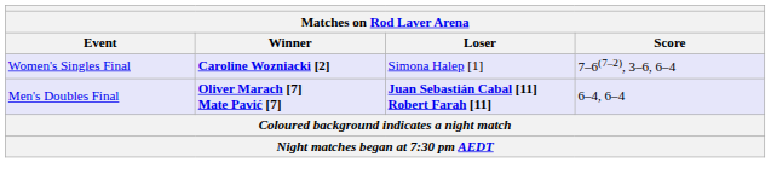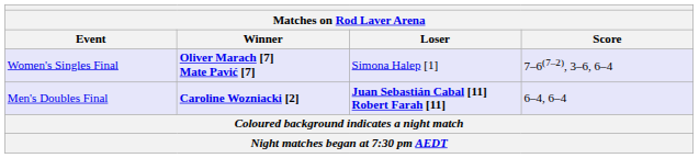 <table class="wikitable collapsible uncollapsed" style="margin:1em auto;">
 <tr>
 <th colspan=4></th>
 </tr>
 <tr>
 <th colspan=4><strong>Matches on <a href='#'>Rod Laver Arena</a></strong></th>
 </tr>
 <tr>
 <th style="width:220px;">Event</th>
 <th style="width:220px;">Winner</th>
 <th style="width:220px;">Loser</th>
 <th style="width:220px;">Score</th>
 </tr>
 <tr bgcolor=lavender>
 <td><a href='#'>Women's Singles Final</a></td>
-<td> <strong><a href='#'>Caroline Wozniacki</a> [2]</strong></td>
+<td> <strong><a href='#'>Oliver Marach</a> [7]</strong><br> <strong><a href='#'>Mate Pavić</a> [7]</strong></td>
 <td> <a href='#'>Simona Halep</a> [1]</td>
 <td>7–6<sup>(7–2)</sup>, 3–6, 6–4</td>
 </tr>
 <tr bgcolor=lavender>
 <td><a href='#'>Men's Doubles Final</a></td>
-<td> <strong><a href='#'>Oliver Marach</a> [7]</strong><br> <strong><a href='#'>Mate Pavić</a> [7]</strong></td>
+<td> <strong><a href='#'>Caroline Wozniacki</a> [2]</strong></td>
 <td><strong> <a href='#'>Juan Sebastián Cabal</a> [11]<br> <a href='#'>Robert Farah</a> [11]</strong></td>
 <td>6–4, 6–4</td>
 </tr>
 <tr>
 <th colspan=4><em>Coloured background indicates a night match</em></th>
 </tr>
 <tr>
 <th colspan=4><em>Night matches began at 7:30 pm <a href='#'>AEDT</a></em></th>
 </tr>
 </table>
